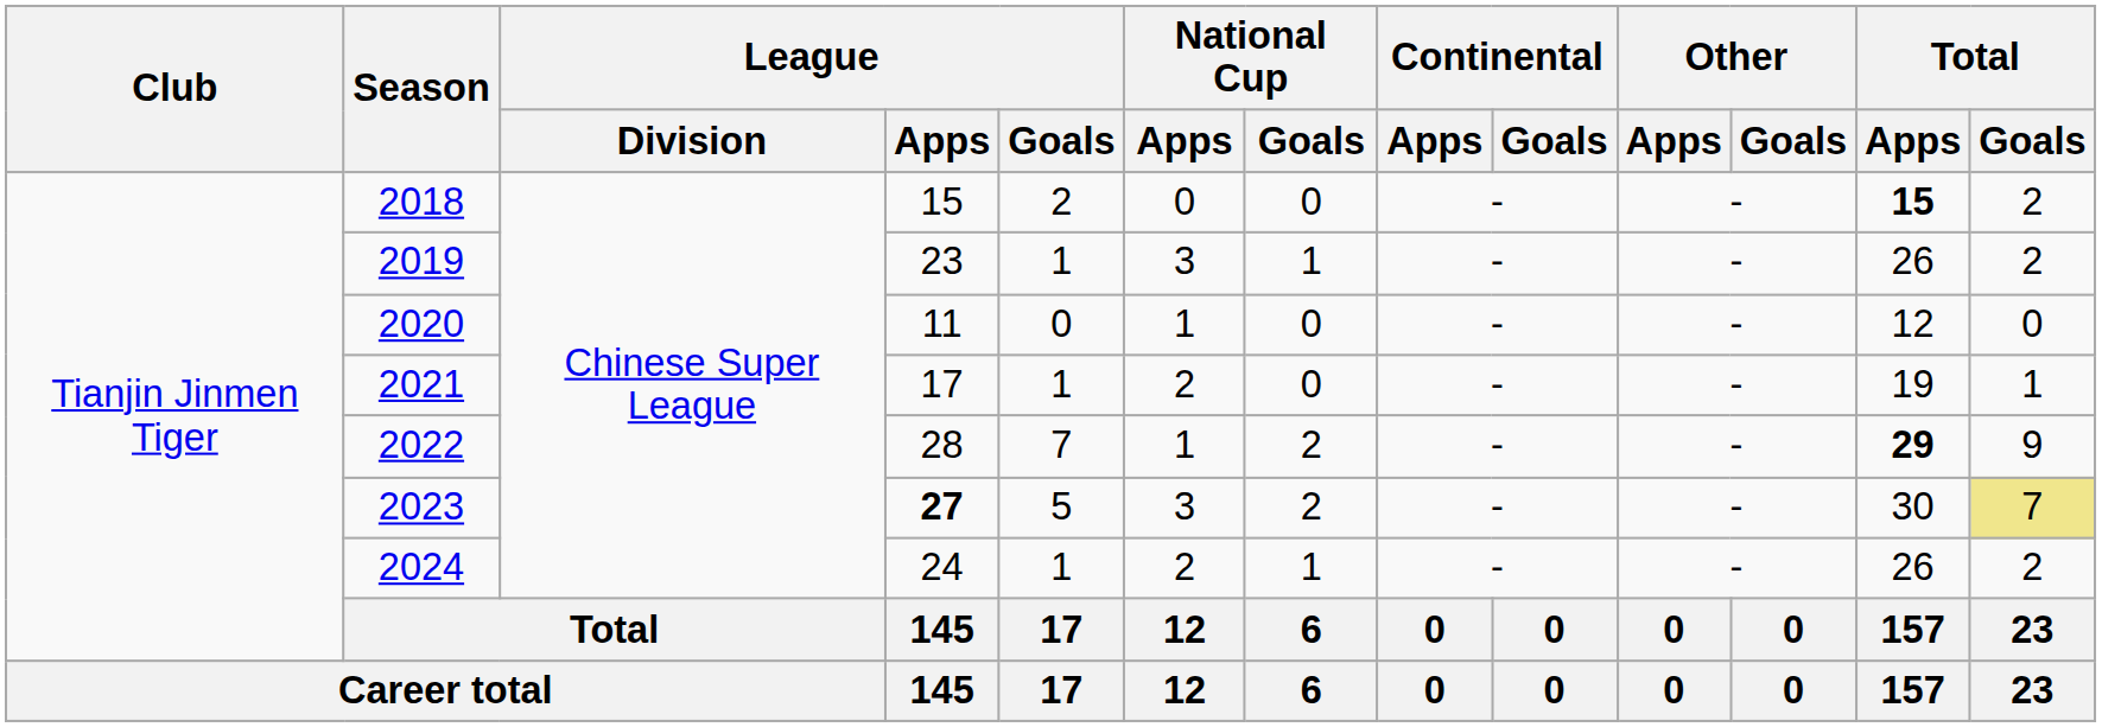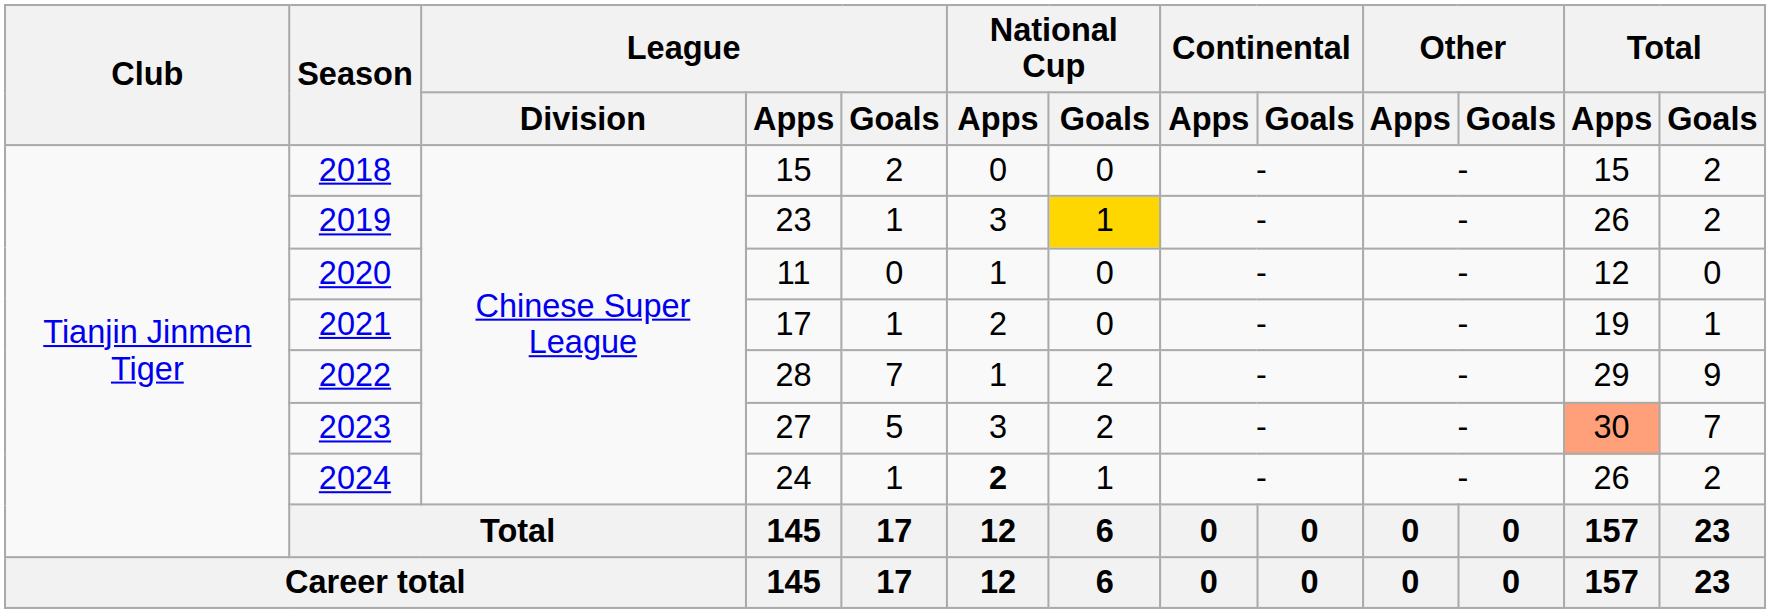 <table class="wikitable" style="text-align: center">
 <tr>
 <th rowspan="2">Club</th>
 <th rowspan="2">Season</th>
 <th colspan="3">League</th>
 <th colspan="2">National Cup</th>
 <th colspan="2">Continental</th>
 <th colspan="2">Other</th>
 <th colspan="2">Total</th>
 </tr>
 <tr>
 <th>Division</th>
 <th>Apps</th>
 <th>Goals</th>
 <th>Apps</th>
 <th>Goals</th>
 <th>Apps</th>
 <th>Goals</th>
 <th>Apps</th>
 <th>Goals</th>
 <th>Apps</th>
 <th>Goals</th>
 </tr>
 <tr>
 <td rowspan=8><a href='#'>Tianjin Jinmen Tiger</a></td>
 <td><a href='#'>2018</a></td>
 <td rowspan=7><a href='#'>Chinese Super League</a></td>
 <td>15</td>
 <td>2</td>
 <td>0</td>
 <td>0</td>
 <td colspan="2">-</td>
 <td colspan="2">-</td>
-<td><strong>15</strong></td>
+<td>15</td>
 <td>2</td>
 </tr>
 <tr>
 <td><a href='#'>2019</a></td>
 <td>23</td>
 <td>1</td>
 <td>3</td>
-<td>1</td>
+<td style="background: gold;">1</td>
 <td colspan="2">-</td>
 <td colspan="2">-</td>
 <td>26</td>
 <td>2</td>
 </tr>
 <tr>
 <td><a href='#'>2020</a></td>
 <td>11</td>
 <td>0</td>
 <td>1</td>
 <td>0</td>
 <td colspan="2">-</td>
 <td colspan="2">-</td>
 <td>12</td>
 <td>0</td>
 </tr>
 <tr>
 <td><a href='#'>2021</a></td>
 <td>17</td>
 <td>1</td>
 <td>2</td>
 <td>0</td>
 <td colspan="2">-</td>
 <td colspan="2">-</td>
 <td>19</td>
 <td>1</td>
 </tr>
 <tr>
 <td><a href='#'>2022</a></td>
 <td>28</td>
 <td>7</td>
 <td>1</td>
 <td>2</td>
 <td colspan="2">-</td>
 <td colspan="2">-</td>
-<td><strong>29</strong></td>
+<td>29</td>
 <td>9</td>
 </tr>
 <tr>
 <td><a href='#'>2023</a></td>
-<td><strong>27</strong></td>
+<td>27</td>
 <td>5</td>
 <td>3</td>
 <td>2</td>
 <td colspan="2">-</td>
 <td colspan="2">-</td>
-<td>30</td>
-<td style="background: khaki;">7</td>
+<td style="background: lightsalmon;">30</td>
+<td>7</td>
 </tr>
 <tr>
 <td><a href='#'>2024</a></td>
 <td>24</td>
 <td>1</td>
-<td>2</td>
+<td><strong>2</strong></td>
 <td>1</td>
 <td colspan="2">-</td>
 <td colspan="2">-</td>
 <td>26</td>
 <td>2</td>
 </tr>
 <tr>
 <th colspan=2>Total</th>
 <th>145</th>
 <th>17</th>
 <th>12</th>
 <th>6</th>
 <th>0</th>
 <th>0</th>
 <th>0</th>
 <th>0</th>
 <th>157</th>
 <th>23</th>
 </tr>
 <tr>
 <th colspan=3>Career total</th>
 <th>145</th>
 <th>17</th>
 <th>12</th>
 <th>6</th>
 <th>0</th>
 <th>0</th>
 <th>0</th>
 <th>0</th>
 <th>157</th>
 <th>23</th>
 </tr>
 </table>
